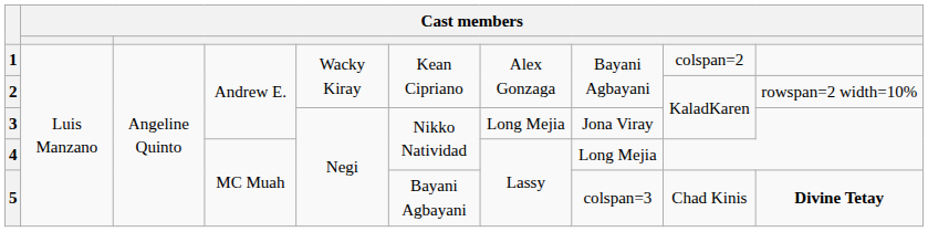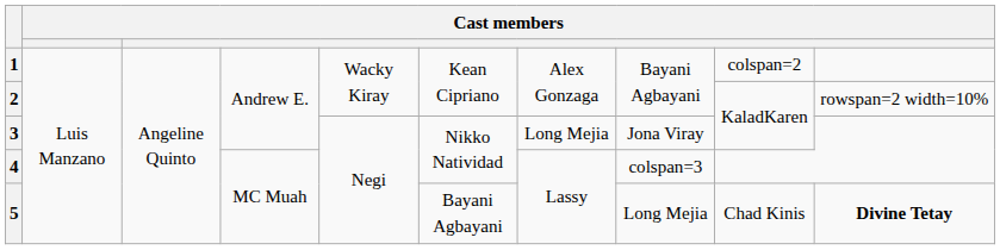 <table class="wikitable plainrowheaders" style="width:100%; text-align:center; line-height:23px;">
 <tr>
 <th rowspan=2 width=1%></th>
 <th colspan=9>Cast members </th>
 </tr>
 <tr>
 <th></th>
 <th colspan=8></th>
 </tr>
 <tr>
 <th>1</th>
 <td rowspan=5 width=10%>Luis Manzano</td>
 <td rowspan=5 width=10%>Angeline Quinto</td>
 <td rowspan=3 width=10%>Andrew E.</td>
 <td rowspan=2 width=10%>Wacky Kiray</td>
 <td rowspan=2 width=10%>Kean Cipriano</td>
 <td rowspan=2 width=10%>Alex Gonzaga</td>
 <td rowspan=2 width=10%>Bayani Agbayani</td>
 <td>colspan=2 </td>
 </tr>
 <tr>
 <th>2</th>
 <td rowspan=2 width=10%>KaladKaren</td>
 <td>rowspan=2 width=10% </td>
 </tr>
 <tr>
 <th>3</th>
 <td rowspan=3>Negi</td>
 <td rowspan=2>Nikko Natividad</td>
 <td>Long Mejia</td>
 <td>Jona Viray</td>
 </tr>
 <tr>
 <th>4</th>
 <td rowspan=2>MC Muah</td>
 <td rowspan=2>Lassy</td>
-<td>Long Mejia</td>
+<td>colspan=3 </td>
 </tr>
 <tr>
 <th>5</th>
 <td>Bayani Agbayani</td>
-<td>colspan=3 </td>
+<td>Long Mejia</td>
 <td>Chad Kinis</td>
 <td><strong>Divine Tetay</strong></td>
 </tr>
 </table>
